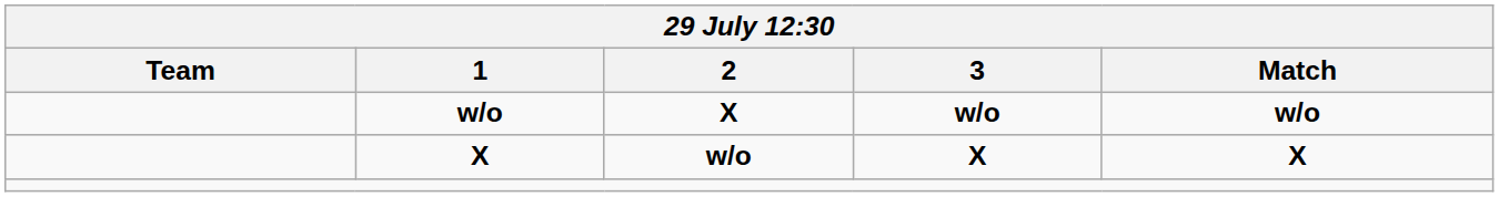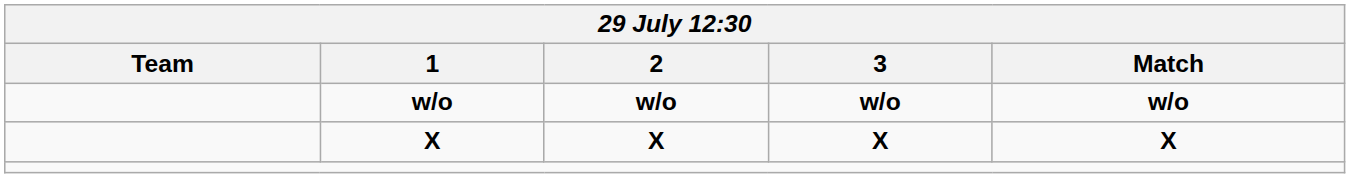 <table class=wikitable style="text-align:center; width: 55%">
 <tr>
 <th colspan=10><em>29 July 12:30</em></th>
 </tr>
 <tr>
 <th>Team</th>
 <th>1</th>
 <th>2</th>
 <th>3</th>
 <th>Match</th>
 </tr>
 <tr>
 <td align=left><strong><br></strong></td>
 <td><strong>w/o</strong></td>
-<td><strong>X</strong></td>
+<td><strong>w/o</strong></td>
 <td><strong>w/o</strong></td>
 <td><strong>w/o</strong></td>
 </tr>
 <tr>
 <td align=left><br></td>
 <td><strong>X</strong></td>
-<td><strong>w/o</strong></td>
+<td><strong>X</strong></td>
 <td><strong>X</strong></td>
 <td><strong>X</strong></td>
 </tr>
 <tr>
 <td colspan=10></td>
 </tr>
 </table>
